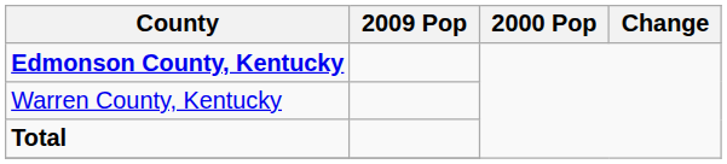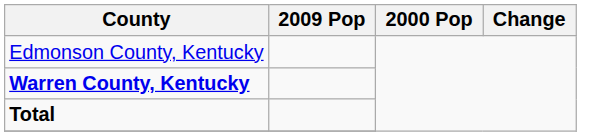 <table class=wikitable>
 <tr>
 <th>County</th>
 <th> 2009 Pop </th>
 <th> 2000 Pop </th>
 <th> Change </th>
 </tr>
 <tr>
-<td><strong><a href='#'>Edmonson County, Kentucky</a></strong></td>
+<td><a href='#'>Edmonson County, Kentucky</a></td>
 <td></td>
 </tr>
 <tr>
-<td><a href='#'>Warren County, Kentucky</a></td>
+<td><strong><a href='#'>Warren County, Kentucky</a></strong></td>
 <td></td>
 </tr>
 <tr>
 <td><strong>Total</strong></td>
 <td></td>
 </tr>
 <tr>
 </tr>
 </table>
